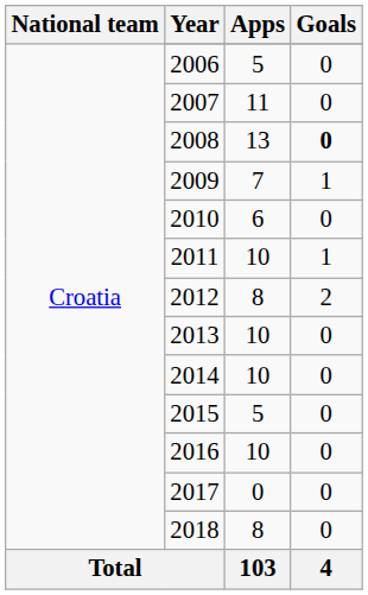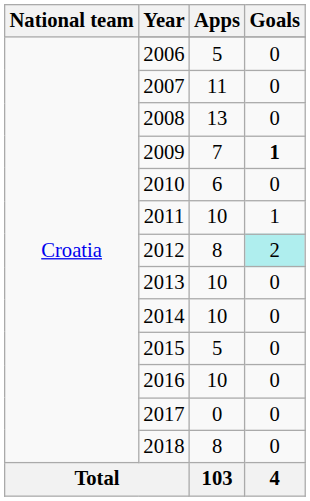 <table class="wikitable" style="text-align:center">
 <tr>
 <th>National team</th>
 <th>Year</th>
 <th>Apps</th>
 <th>Goals</th>
 </tr>
 <tr>
 <td rowspan=14 valign="center"><a href='#'>Croatia</a></td>
 </tr>
 <tr>
 <td>2006</td>
 <td>5</td>
 <td>0</td>
 </tr>
 <tr>
 <td>2007</td>
 <td>11</td>
 <td>0</td>
 </tr>
 <tr>
 <td>2008</td>
 <td>13</td>
-<td><strong>0</strong></td>
+<td>0</td>
 </tr>
 <tr>
 <td>2009</td>
 <td>7</td>
-<td>1</td>
+<td><strong>1</strong></td>
 </tr>
 <tr>
 <td>2010</td>
 <td>6</td>
 <td>0</td>
 </tr>
 <tr>
 <td>2011</td>
 <td>10</td>
 <td>1</td>
 </tr>
 <tr>
 <td>2012</td>
 <td>8</td>
-<td>2</td>
+<td style="background: paleturquoise;">2</td>
 </tr>
 <tr>
 <td>2013</td>
 <td>10</td>
 <td>0</td>
 </tr>
 <tr>
 <td>2014</td>
 <td>10</td>
 <td>0</td>
 </tr>
 <tr>
 <td>2015</td>
 <td>5</td>
 <td>0</td>
 </tr>
 <tr>
 <td>2016</td>
 <td>10</td>
 <td>0</td>
 </tr>
 <tr>
 <td>2017</td>
 <td>0</td>
 <td>0</td>
 </tr>
 <tr>
 <td>2018</td>
 <td>8</td>
 <td>0</td>
 </tr>
 <tr>
 <th colspan=2>Total</th>
 <th>103</th>
 <th>4</th>
 </tr>
 </table>
